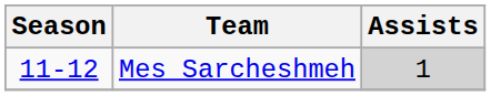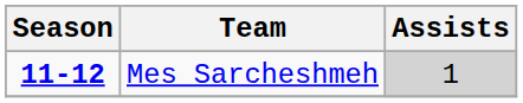 <table class="wikitable" style="text-align: center;">
 <tr>
 <th>Season</th>
 <th>Team</th>
 <th>Assists</th>
 </tr>
 <tr>
-<td><a href='#'>11-12</a></td>
+<td><strong><a href='#'>11-12</a></strong></td>
 <td align="left"><a href='#'>Mes Sarcheshmeh</a></td>
 <td style="background: lightgrey;">1</td>
 </tr>
 <tr>
 </tr>
 </table>
